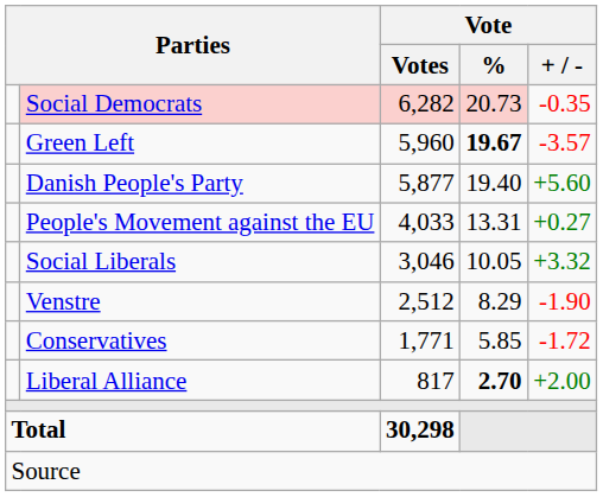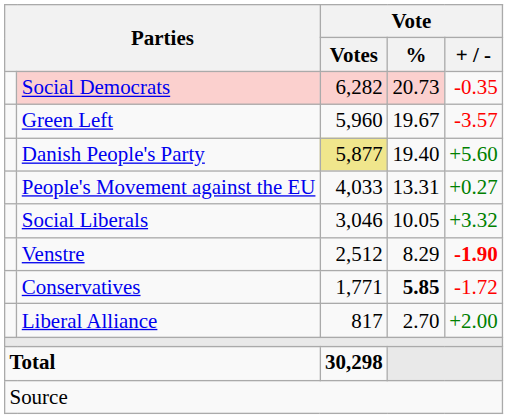 <table class="wikitable" style="text-align:right;">
 <tr>
 <th style="text-align:centre;" rowspan="2" colspan="2" width="225">Parties</th>
 <th colspan="3">Vote</th>
 </tr>
 <tr>
 <th width="15">Votes</th>
 <th width="15">%</th>
 <th width="15">+ / -</th>
 </tr>
 <tr>
 <td width="2" style="color:inherit;background:"></td>
 <td bgcolor=#fbd0ce   align="left"><a href='#'>Social Democrats</a></td>
 <td bgcolor=#fbd0ce>6,282</td>
 <td bgcolor=#fbd0ce>20.73</td>
 <td style=color:red;>-0.35</td>
 </tr>
 <tr>
 <td width="2" style="color:inherit;background:"></td>
 <td align="left"><a href='#'>Green Left</a></td>
 <td>5,960</td>
-<td><strong>19.67</strong></td>
+<td>19.67</td>
 <td style=color:red;>-3.57</td>
 </tr>
 <tr>
 <td width="2" style="color:inherit;background:"></td>
 <td align="left"><a href='#'>Danish People's Party</a></td>
-<td>5,877</td>
+<td style="background: khaki;">5,877</td>
 <td>19.40</td>
 <td style=color:green;>+5.60</td>
 </tr>
 <tr>
 <td width="2" style="color:inherit;background:"></td>
 <td align="left"><a href='#'>People's Movement against the EU</a></td>
 <td>4,033</td>
 <td>13.31</td>
 <td style=color:green;>+0.27</td>
 </tr>
 <tr>
 <td width="2" style="color:inherit;background:"></td>
 <td align="left"><a href='#'>Social Liberals</a></td>
 <td>3,046</td>
 <td>10.05</td>
 <td style=color:green;>+3.32</td>
 </tr>
 <tr>
 <td width="2" style="color:inherit;background:"></td>
 <td align="left"><a href='#'>Venstre</a></td>
 <td>2,512</td>
 <td>8.29</td>
-<td style=color:red;>-1.90</td>
+<td style=color:red;><strong>-1.90</strong></td>
 </tr>
 <tr>
 <td width="2" style="color:inherit;background:"></td>
 <td align="left"><a href='#'>Conservatives</a></td>
 <td>1,771</td>
-<td>5.85</td>
+<td><strong>5.85</strong></td>
 <td style=color:red;>-1.72</td>
 </tr>
 <tr>
 <td width="2" style="color:inherit;background:"></td>
 <td align="left"><a href='#'>Liberal Alliance</a></td>
 <td>817</td>
-<td><strong>2.70</strong></td>
+<td>2.70</td>
 <td style=color:green;>+2.00</td>
 </tr>
 <tr>
 <td colspan="7" bgcolor="#E9E9E9"></td>
 </tr>
 <tr>
 <td align="left" colspan="2"><strong>Total</strong></td>
 <td><strong>30,298</strong></td>
 <td bgcolor="#E9E9E9" colspan="2"></td>
 </tr>
 <tr>
 <td align="left" colspan="6">Source</td>
 </tr>
 </table>
